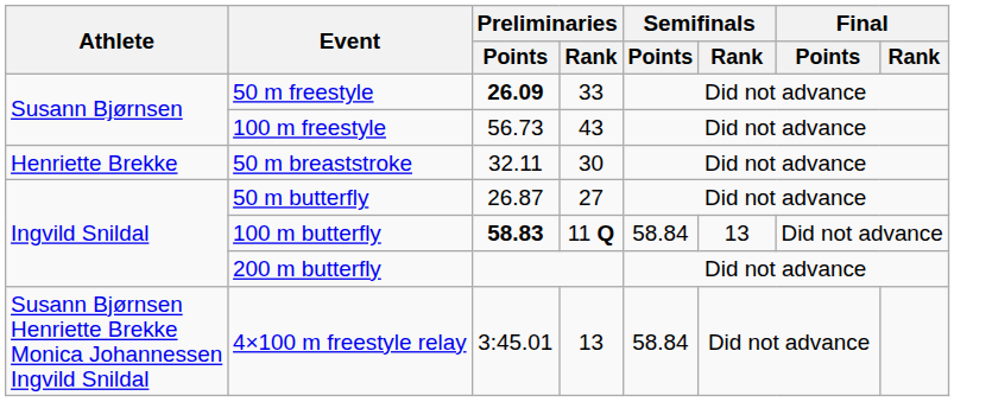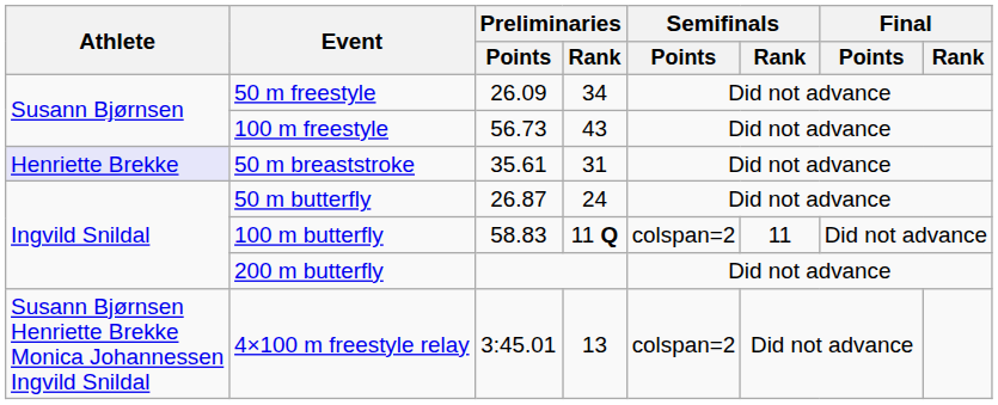 <table class=wikitable style="font-size:90%;">
 <tr>
 <th rowspan="2">Athlete</th>
 <th rowspan="2">Event</th>
 <th colspan="2">Preliminaries</th>
 <th colspan="2">Semifinals</th>
 <th colspan="2">Final</th>
 </tr>
 <tr style="font-size:95%">
 <th>Points</th>
 <th>Rank</th>
 <th>Points</th>
 <th>Rank</th>
 <th>Points</th>
 <th>Rank</th>
 </tr>
 <tr align=center>
 <td align=left rowspan=2><a href='#'>Susann Bjørnsen</a></td>
 <td align=left><a href='#'>50 m freestyle</a></td>
-<td><strong>26.09</strong></td>
-<td>33</td>
+<td>26.09</td>
+<td>34</td>
 <td colspan=4>Did not advance</td>
 </tr>
 <tr align=center>
 <td align=left><a href='#'>100 m freestyle</a></td>
 <td>56.73</td>
 <td>43</td>
 <td colspan=4>Did not advance</td>
 </tr>
 <tr align=center>
-<td align=left><a href='#'>Henriette Brekke</a></td>
+<td align=left style="background: lavender;"><a href='#'>Henriette Brekke</a></td>
 <td align=left><a href='#'>50 m breaststroke</a></td>
-<td>32.11</td>
-<td>30</td>
+<td>35.61</td>
+<td>31</td>
 <td colspan=4>Did not advance</td>
 </tr>
 <tr align=center>
 <td align=left rowspan=3><a href='#'>Ingvild Snildal</a></td>
 <td align=left><a href='#'>50 m butterfly</a></td>
 <td>26.87</td>
-<td>27</td>
+<td>24</td>
 <td colspan=4>Did not advance</td>
 </tr>
 <tr align=center>
 <td align=left><a href='#'>100 m butterfly</a></td>
-<td><strong>58.83</strong></td>
+<td>58.83</td>
 <td>11 <strong>Q</strong></td>
-<td>58.84</td>
-<td>13</td>
+<td>colspan=2 </td>
+<td>11</td>
 <td colspan=2>Did not advance</td>
 </tr>
 <tr align=center>
 <td align=left><a href='#'>200 m butterfly</a></td>
 <td colspan=2></td>
 <td colspan=4>Did not advance</td>
 </tr>
 <tr align=center>
 <td align=left><a href='#'>Susann Bjørnsen</a><br><a href='#'>Henriette Brekke</a><br><a href='#'>Monica Johannessen</a><br><a href='#'>Ingvild Snildal</a></td>
 <td align=left><a href='#'>4×100 m freestyle relay</a></td>
 <td>3:45.01</td>
 <td>13</td>
-<td>58.84</td>
+<td>colspan=2 </td>
 <td colspan=2>Did not advance</td>
 </tr>
 </table>
